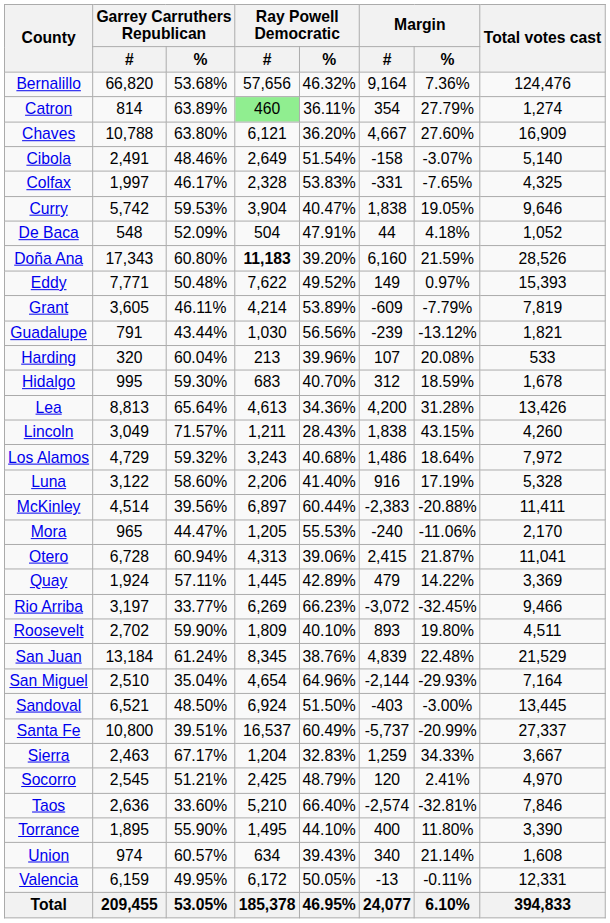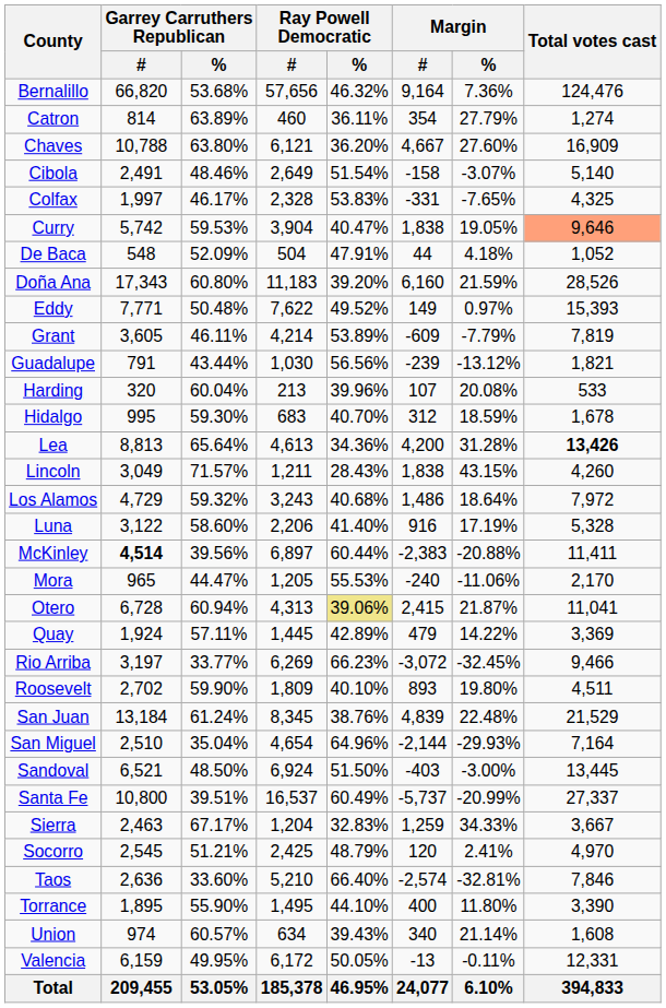 <table class="wikitable sortable" style="text-align:center">
 <tr>
 <th style="text-align:center;" rowspan="2">County</th>
 <th style="text-align:center;" colspan="2">Garrey Carruthers<br>Republican</th>
 <th style="text-align:center;" colspan="2">Ray Powell<br>Democratic</th>
 <th style="text-align:center;" colspan="2">Margin</th>
 <th style="text-align:center;" rowspan="2">Total votes cast</th>
 </tr>
 <tr>
 <th style="text-align:center;" data-sort-type="number">#</th>
 <th style="text-align:center;" data-sort-type="number">%</th>
 <th style="text-align:center;" data-sort-type="number">#</th>
 <th style="text-align:center;" data-sort-type="number">%</th>
 <th style="text-align:center;" data-sort-type="number">#</th>
 <th style="text-align:center;" data-sort-type="number">%</th>
 </tr>
 <tr style="text-align:center;">
 <td><a href='#'>Bernalillo</a></td>
 <td>66,820</td>
 <td>53.68%</td>
 <td>57,656</td>
 <td>46.32%</td>
 <td>9,164</td>
 <td>7.36%</td>
 <td>124,476</td>
 </tr>
 <tr style="text-align:center;">
 <td><a href='#'>Catron</a></td>
 <td>814</td>
 <td>63.89%</td>
-<td style="background: lightgreen;">460</td>
+<td>460</td>
 <td>36.11%</td>
 <td>354</td>
 <td>27.79%</td>
 <td>1,274</td>
 </tr>
 <tr style="text-align:center;">
 <td><a href='#'>Chaves</a></td>
 <td>10,788</td>
 <td>63.80%</td>
 <td>6,121</td>
 <td>36.20%</td>
 <td>4,667</td>
 <td>27.60%</td>
 <td>16,909</td>
 </tr>
 <tr style="text-align:center;">
 <td><a href='#'>Cibola</a></td>
 <td>2,491</td>
 <td>48.46%</td>
 <td>2,649</td>
 <td>51.54%</td>
 <td>-158</td>
 <td>-3.07%</td>
 <td>5,140</td>
 </tr>
 <tr style="text-align:center;">
 <td><a href='#'>Colfax</a></td>
 <td>1,997</td>
 <td>46.17%</td>
 <td>2,328</td>
 <td>53.83%</td>
 <td>-331</td>
 <td>-7.65%</td>
 <td>4,325</td>
 </tr>
 <tr style="text-align:center;">
 <td><a href='#'>Curry</a></td>
 <td>5,742</td>
 <td>59.53%</td>
 <td>3,904</td>
 <td>40.47%</td>
 <td>1,838</td>
 <td>19.05%</td>
-<td>9,646</td>
+<td style="background: lightsalmon;">9,646</td>
 </tr>
 <tr style="text-align:center;">
 <td><a href='#'>De Baca</a></td>
 <td>548</td>
 <td>52.09%</td>
 <td>504</td>
 <td>47.91%</td>
 <td>44</td>
 <td>4.18%</td>
 <td>1,052</td>
 </tr>
 <tr style="text-align:center;">
 <td><a href='#'>Doña Ana</a></td>
 <td>17,343</td>
 <td>60.80%</td>
-<td><strong>11,183</strong></td>
+<td>11,183</td>
 <td>39.20%</td>
 <td>6,160</td>
 <td>21.59%</td>
 <td>28,526</td>
 </tr>
 <tr style="text-align:center;">
 <td><a href='#'>Eddy</a></td>
 <td>7,771</td>
 <td>50.48%</td>
 <td>7,622</td>
 <td>49.52%</td>
 <td>149</td>
 <td>0.97%</td>
 <td>15,393</td>
 </tr>
 <tr style="text-align:center;">
 <td><a href='#'>Grant</a></td>
 <td>3,605</td>
 <td>46.11%</td>
 <td>4,214</td>
 <td>53.89%</td>
 <td>-609</td>
 <td>-7.79%</td>
 <td>7,819</td>
 </tr>
 <tr style="text-align:center;">
 <td><a href='#'>Guadalupe</a></td>
 <td>791</td>
 <td>43.44%</td>
 <td>1,030</td>
 <td>56.56%</td>
 <td>-239</td>
 <td>-13.12%</td>
 <td>1,821</td>
 </tr>
 <tr style="text-align:center;">
 <td><a href='#'>Harding</a></td>
 <td>320</td>
 <td>60.04%</td>
 <td>213</td>
 <td>39.96%</td>
 <td>107</td>
 <td>20.08%</td>
 <td>533</td>
 </tr>
 <tr style="text-align:center;">
 <td><a href='#'>Hidalgo</a></td>
 <td>995</td>
 <td>59.30%</td>
 <td>683</td>
 <td>40.70%</td>
 <td>312</td>
 <td>18.59%</td>
 <td>1,678</td>
 </tr>
 <tr style="text-align:center;">
 <td><a href='#'>Lea</a></td>
 <td>8,813</td>
 <td>65.64%</td>
 <td>4,613</td>
 <td>34.36%</td>
 <td>4,200</td>
 <td>31.28%</td>
-<td>13,426</td>
+<td><strong>13,426</strong></td>
 </tr>
 <tr style="text-align:center;">
 <td><a href='#'>Lincoln</a></td>
 <td>3,049</td>
 <td>71.57%</td>
 <td>1,211</td>
 <td>28.43%</td>
 <td>1,838</td>
 <td>43.15%</td>
 <td>4,260</td>
 </tr>
 <tr style="text-align:center;">
 <td><a href='#'>Los Alamos</a></td>
 <td>4,729</td>
 <td>59.32%</td>
 <td>3,243</td>
 <td>40.68%</td>
 <td>1,486</td>
 <td>18.64%</td>
 <td>7,972</td>
 </tr>
 <tr style="text-align:center;">
 <td><a href='#'>Luna</a></td>
 <td>3,122</td>
 <td>58.60%</td>
 <td>2,206</td>
 <td>41.40%</td>
 <td>916</td>
 <td>17.19%</td>
 <td>5,328</td>
 </tr>
 <tr style="text-align:center;">
 <td><a href='#'>McKinley</a></td>
-<td>4,514</td>
+<td><strong>4,514</strong></td>
 <td>39.56%</td>
 <td>6,897</td>
 <td>60.44%</td>
 <td>-2,383</td>
 <td>-20.88%</td>
 <td>11,411</td>
 </tr>
 <tr style="text-align:center;">
 <td><a href='#'>Mora</a></td>
 <td>965</td>
 <td>44.47%</td>
 <td>1,205</td>
 <td>55.53%</td>
 <td>-240</td>
 <td>-11.06%</td>
 <td>2,170</td>
 </tr>
 <tr style="text-align:center;">
 <td><a href='#'>Otero</a></td>
 <td>6,728</td>
 <td>60.94%</td>
 <td>4,313</td>
-<td>39.06%</td>
+<td style="background: khaki;">39.06%</td>
 <td>2,415</td>
 <td>21.87%</td>
 <td>11,041</td>
 </tr>
 <tr style="text-align:center;">
 <td><a href='#'>Quay</a></td>
 <td>1,924</td>
 <td>57.11%</td>
 <td>1,445</td>
 <td>42.89%</td>
 <td>479</td>
 <td>14.22%</td>
 <td>3,369</td>
 </tr>
 <tr style="text-align:center;">
 <td><a href='#'>Rio Arriba</a></td>
 <td>3,197</td>
 <td>33.77%</td>
 <td>6,269</td>
 <td>66.23%</td>
 <td>-3,072</td>
 <td>-32.45%</td>
 <td>9,466</td>
 </tr>
 <tr style="text-align:center;">
 <td><a href='#'>Roosevelt</a></td>
 <td>2,702</td>
 <td>59.90%</td>
 <td>1,809</td>
 <td>40.10%</td>
 <td>893</td>
 <td>19.80%</td>
 <td>4,511</td>
 </tr>
 <tr style="text-align:center;">
 <td><a href='#'>San Juan</a></td>
 <td>13,184</td>
 <td>61.24%</td>
 <td>8,345</td>
 <td>38.76%</td>
 <td>4,839</td>
 <td>22.48%</td>
 <td>21,529</td>
 </tr>
 <tr style="text-align:center;">
 <td><a href='#'>San Miguel</a></td>
 <td>2,510</td>
 <td>35.04%</td>
 <td>4,654</td>
 <td>64.96%</td>
 <td>-2,144</td>
 <td>-29.93%</td>
 <td>7,164</td>
 </tr>
 <tr style="text-align:center;">
 <td><a href='#'>Sandoval</a></td>
 <td>6,521</td>
 <td>48.50%</td>
 <td>6,924</td>
 <td>51.50%</td>
 <td>-403</td>
 <td>-3.00%</td>
 <td>13,445</td>
 </tr>
 <tr style="text-align:center;">
 <td><a href='#'>Santa Fe</a></td>
 <td>10,800</td>
 <td>39.51%</td>
 <td>16,537</td>
 <td>60.49%</td>
 <td>-5,737</td>
 <td>-20.99%</td>
 <td>27,337</td>
 </tr>
 <tr style="text-align:center;">
 <td><a href='#'>Sierra</a></td>
 <td>2,463</td>
 <td>67.17%</td>
 <td>1,204</td>
 <td>32.83%</td>
 <td>1,259</td>
 <td>34.33%</td>
 <td>3,667</td>
 </tr>
 <tr style="text-align:center;">
 <td><a href='#'>Socorro</a></td>
 <td>2,545</td>
 <td>51.21%</td>
 <td>2,425</td>
 <td>48.79%</td>
 <td>120</td>
 <td>2.41%</td>
 <td>4,970</td>
 </tr>
 <tr style="text-align:center;">
 <td><a href='#'>Taos</a></td>
 <td>2,636</td>
 <td>33.60%</td>
 <td>5,210</td>
 <td>66.40%</td>
 <td>-2,574</td>
 <td>-32.81%</td>
 <td>7,846</td>
 </tr>
 <tr style="text-align:center;">
 <td><a href='#'>Torrance</a></td>
 <td>1,895</td>
 <td>55.90%</td>
 <td>1,495</td>
 <td>44.10%</td>
 <td>400</td>
 <td>11.80%</td>
 <td>3,390</td>
 </tr>
 <tr style="text-align:center;">
 <td><a href='#'>Union</a></td>
 <td>974</td>
 <td>60.57%</td>
 <td>634</td>
 <td>39.43%</td>
 <td>340</td>
 <td>21.14%</td>
 <td>1,608</td>
 </tr>
 <tr style="text-align:center;">
 <td><a href='#'>Valencia</a></td>
 <td>6,159</td>
 <td>49.95%</td>
 <td>6,172</td>
 <td>50.05%</td>
 <td>-13</td>
 <td>-0.11%</td>
 <td>12,331</td>
 </tr>
 <tr style="text-align:center;">
 <th>Total</th>
 <th>209,455</th>
 <th>53.05%</th>
 <th>185,378</th>
 <th>46.95%</th>
 <th>24,077</th>
 <th>6.10%</th>
 <th>394,833</th>
 </tr>
 </table>
